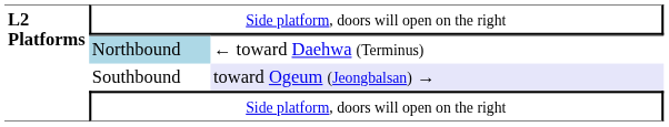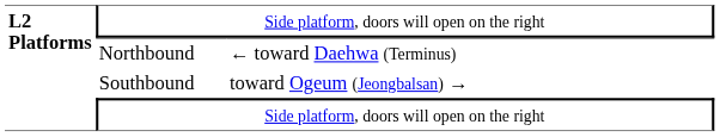 <table table border=0 cellspacing=0 cellpadding=3>
 <tr>
 <td style="border-top:solid 1px gray;border-bottom:solid 1px gray;" width=50 rowspan=10 valign=top><strong>L2<br>Platforms</strong></td>
 <td style="border-top:solid 1px gray;border-right:solid 2px black;border-left:solid 2px black;border-bottom:solid 2px black;text-align:center;" colspan=2><small><a href='#'>Side platform</a>, doors will open on the right </small></td>
 </tr>
 <tr>
-<td style="background: lightblue; border-bottom:solid 0px gray;border-top:solid 1px gray;" width=100>Northbound</td>
+<td style="border-bottom:solid 0px gray;border-top:solid 1px gray;" width=100>Northbound</td>
 <td style="border-bottom:solid 0px gray;border-top:solid 1px gray;" width=390>←  toward <a href='#'>Daehwa</a> <small>(Terminus)</small></td>
 </tr>
 <tr>
 <td>Southbound</td>
-<td style="background: lavender;">  toward <a href='#'>Ogeum</a> <small>(<a href='#'>Jeongbalsan</a>)</small> →</td>
+<td>  toward <a href='#'>Ogeum</a> <small>(<a href='#'>Jeongbalsan</a>)</small> →</td>
 </tr>
 <tr>
 <td style="border-top:solid 2px black;border-right:solid 2px black;border-left:solid 2px black;border-bottom:solid 1px gray;text-align:center;" colspan=2><small><a href='#'>Side platform</a>, doors will open on the right </small></td>
 </tr>
 </table>
